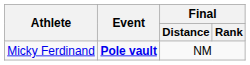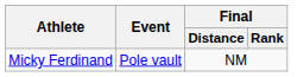 <table class="wikitable" style="font-size:90%; text-align:center">
 <tr>
 <th rowspan=2>Athlete</th>
 <th rowspan=2>Event</th>
 <th colspan=2>Final</th>
 </tr>
 <tr style="font-size:95%">
 <th>Distance</th>
 <th>Rank</th>
 </tr>
 <tr>
 <td align=left><a href='#'>Micky Ferdinand</a></td>
-<td align=left rowspan=1><strong><a href='#'>Pole vault</a></strong></td>
+<td align=left rowspan=1><a href='#'>Pole vault</a></td>
 <td colspan=2>NM</td>
 </tr>
 </table>
